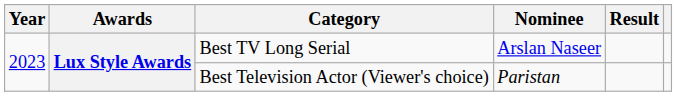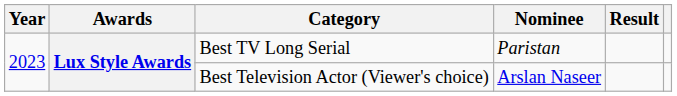 <table class="wikitable plainrowheaders">
 <tr>
 <th>Year</th>
 <th>Awards</th>
 <th>Category</th>
 <th>Nominee</th>
 <th>Result</th>
 <th></th>
 </tr>
 <tr>
 <td rowspan="2"><a href='#'>2023</a></td>
 <th scope="row" rowspan="2"><a href='#'>Lux Style Awards</a></th>
 <td>Best TV Long Serial</td>
-<td><a href='#'>Arslan Naseer</a></td>
+<td><em>Paristan</em></td>
 <td></td>
 <td></td>
 </tr>
 <tr>
 <td>Best Television Actor (Viewer's choice)</td>
-<td><em>Paristan</em></td>
+<td><a href='#'>Arslan Naseer</a></td>
 <td></td>
 <td></td>
 </tr>
 </table>
